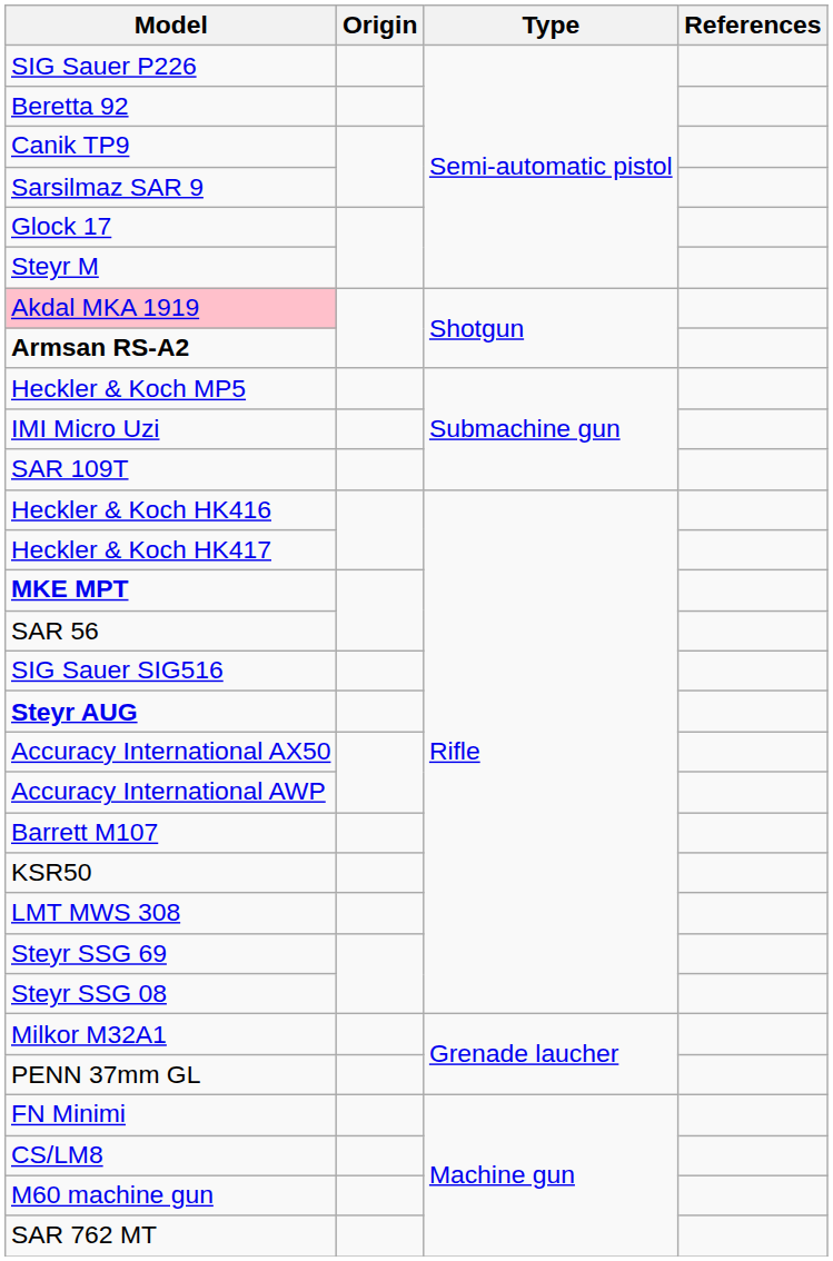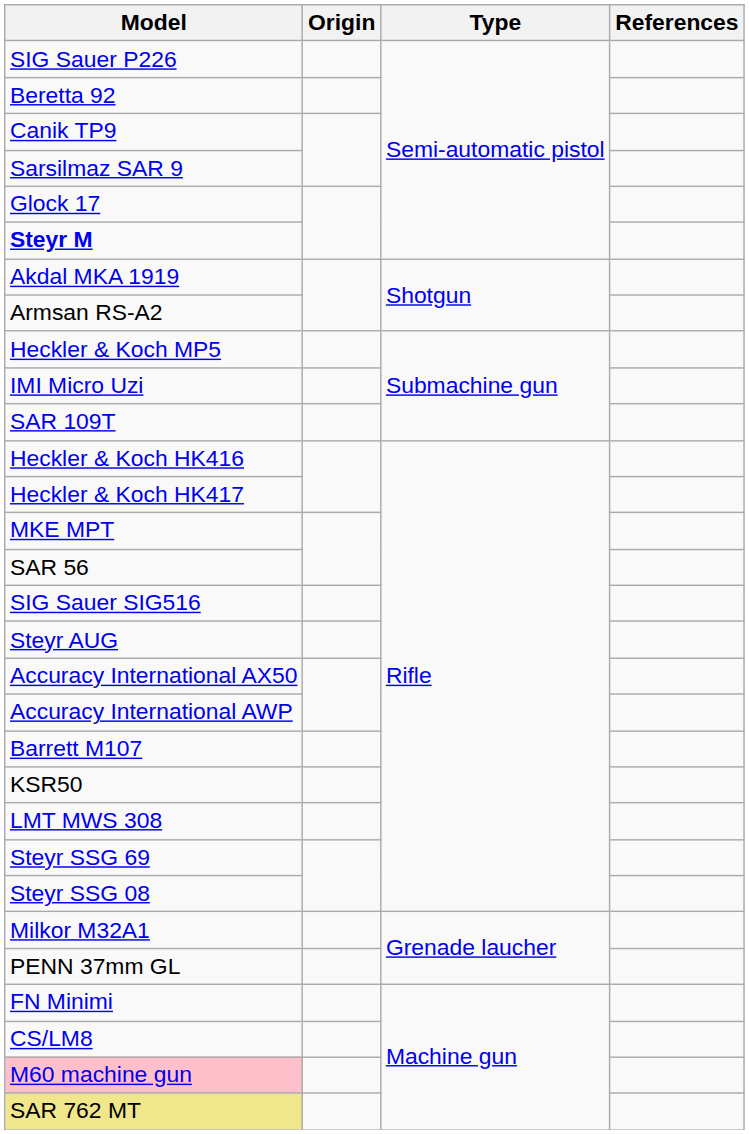 <table class="wikitable">
 <tr>
 <th>Model</th>
 <th>Origin</th>
 <th>Type</th>
 <th>References</th>
 </tr>
 <tr>
 <td><a href='#'>SIG Sauer P226</a></td>
 <td></td>
 <td rowspan="6"><a href='#'>Semi-automatic pistol</a></td>
 <td></td>
 </tr>
 <tr>
 <td><a href='#'>Beretta 92</a></td>
 <td></td>
 <td></td>
 </tr>
 <tr>
 <td><a href='#'>Canik TP9</a></td>
 <td rowspan="2"></td>
 <td></td>
 </tr>
 <tr>
 <td><a href='#'>Sarsilmaz SAR 9</a></td>
 <td></td>
 </tr>
 <tr>
 <td><a href='#'>Glock 17</a></td>
 <td rowspan="2"></td>
 <td></td>
 </tr>
 <tr>
-<td><a href='#'>Steyr M</a></td>
+<td><strong><a href='#'>Steyr M</a></strong></td>
 <td></td>
 </tr>
 <tr>
-<td style="background: pink;"><a href='#'>Akdal MKA 1919</a></td>
+<td><a href='#'>Akdal MKA 1919</a></td>
 <td rowspan="2"></td>
 <td rowspan="2"><a href='#'>Shotgun</a></td>
 <td></td>
 </tr>
 <tr>
-<td><strong>Armsan RS-A2</strong></td>
+<td>Armsan RS-A2</td>
 <td></td>
 </tr>
 <tr>
 <td><a href='#'>Heckler & Koch MP5</a></td>
 <td></td>
 <td rowspan="3"><a href='#'>Submachine gun</a></td>
 <td></td>
 </tr>
 <tr>
 <td><a href='#'>IMI Micro Uzi</a></td>
 <td></td>
 <td></td>
 </tr>
 <tr>
 <td><a href='#'>SAR 109T</a></td>
 <td></td>
 <td></td>
 </tr>
 <tr>
 <td><a href='#'>Heckler & Koch HK416</a></td>
 <td rowspan="2"></td>
 <td rowspan="13"><a href='#'>Rifle</a></td>
 <td></td>
 </tr>
 <tr>
 <td><a href='#'>Heckler & Koch HK417</a></td>
 <td></td>
 </tr>
 <tr>
-<td><strong><a href='#'>MKE MPT</a></strong></td>
+<td><a href='#'>MKE MPT</a></td>
 <td rowspan="2"></td>
 <td></td>
 </tr>
 <tr>
 <td>SAR 56</td>
 <td></td>
 </tr>
 <tr>
 <td><a href='#'>SIG Sauer SIG516</a></td>
 <td></td>
 <td></td>
 </tr>
 <tr>
-<td><strong><a href='#'>Steyr AUG</a></strong></td>
+<td><a href='#'>Steyr AUG</a></td>
 <td></td>
 <td></td>
 </tr>
 <tr>
 <td><a href='#'>Accuracy International AX50</a></td>
 <td rowspan="2"></td>
 <td></td>
 </tr>
 <tr>
 <td><a href='#'>Accuracy International AWP</a></td>
 <td></td>
 </tr>
 <tr>
 <td><a href='#'>Barrett M107</a></td>
 <td></td>
 <td></td>
 </tr>
 <tr>
 <td>KSR50</td>
 <td></td>
 <td></td>
 </tr>
 <tr>
 <td><a href='#'>LMT MWS 308</a></td>
 <td></td>
 <td></td>
 </tr>
 <tr>
 <td><a href='#'>Steyr SSG 69</a></td>
 <td rowspan="2"></td>
 <td></td>
 </tr>
 <tr>
 <td><a href='#'>Steyr SSG 08</a></td>
 <td></td>
 </tr>
 <tr>
 <td><a href='#'>Milkor M32A1</a></td>
 <td></td>
 <td rowspan="2"><a href='#'>Grenade laucher</a></td>
 <td></td>
 </tr>
 <tr>
 <td>PENN 37mm GL</td>
 <td></td>
 <td></td>
 </tr>
 <tr>
 <td><a href='#'>FN Minimi</a></td>
 <td></td>
 <td rowspan="4"><a href='#'>Machine gun</a></td>
 <td></td>
 </tr>
 <tr>
 <td><a href='#'>CS/LM8</a></td>
 <td></td>
 <td></td>
 </tr>
 <tr>
-<td><a href='#'>M60 machine gun</a></td>
+<td style="background: pink;"><a href='#'>M60 machine gun</a></td>
 <td></td>
 <td></td>
 </tr>
 <tr>
-<td>SAR 762 MT</td>
+<td style="background: khaki;">SAR 762 MT</td>
 <td></td>
 <td></td>
 </tr>
 </table>
